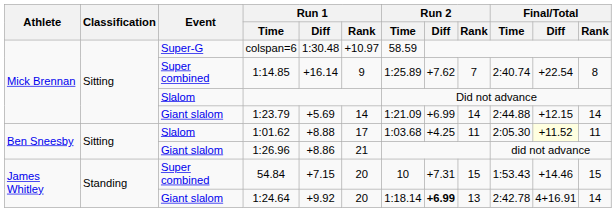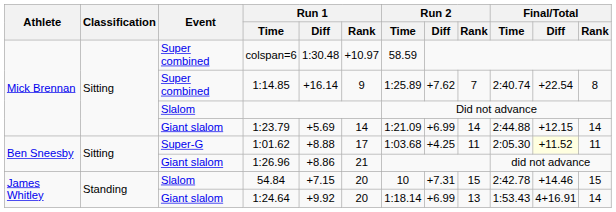 <table class="wikitable" style="font-size:100%">
 <tr>
 <th rowspan="2">Athlete</th>
 <th rowspan="2">Classification</th>
 <th rowspan="2">Event</th>
 <th colspan="3">Run 1</th>
 <th colspan="3">Run 2</th>
 <th colspan="3">Final/Total</th>
 </tr>
 <tr>
 <th>Time</th>
 <th>Diff</th>
 <th>Rank</th>
 <th>Time</th>
 <th>Diff</th>
 <th>Rank</th>
 <th>Time</th>
 <th>Diff</th>
 <th>Rank</th>
 </tr>
 <tr>
 <td rowspan=4><a href='#'>Mick Brennan</a></td>
 <td rowspan=4>Sitting</td>
-<td><a href='#'>Super-G</a></td>
+<td><a href='#'>Super combined</a></td>
 <td>colspan=6 </td>
 <td align="center">1:30.48</td>
 <td align="center">+10.97</td>
 <td align="center">58.59</td>
 </tr>
 <tr>
 <td><a href='#'>Super combined</a></td>
 <td align="center">1:14.85</td>
 <td align="center">+16.14</td>
 <td align="center">9</td>
 <td align="center">1:25.89</td>
 <td align="center">+7.62</td>
 <td align="center">7</td>
 <td align="center">2:40.74</td>
 <td align="center">+22.54</td>
 <td align="center">8</td>
 </tr>
 <tr>
 <td><a href='#'>Slalom</a></td>
 <td align="center" colspan=3></td>
 <td align="center" colspan=6>Did not advance</td>
 </tr>
 <tr>
 <td><a href='#'>Giant slalom</a></td>
 <td align="center">1:23.79</td>
 <td align="center">+5.69</td>
 <td align="center">14</td>
 <td align="center">1:21.09</td>
 <td align="center">+6.99</td>
 <td align="center">14</td>
 <td align="center">2:44.88</td>
 <td align="center">+12.15</td>
 <td align="center">14</td>
 </tr>
 <tr>
 <td rowspan=2><a href='#'>Ben Sneesby</a></td>
 <td rowspan=2>Sitting</td>
-<td><a href='#'>Slalom</a></td>
+<td><a href='#'>Super-G</a></td>
 <td align="center">1:01.62</td>
 <td align="center">+8.88</td>
 <td align="center">17</td>
 <td align="center">1:03.68</td>
 <td align="center">+4.25</td>
 <td align="center">11</td>
 <td align="center">2:05.30</td>
 <td align="center" style="background: lightyellow;">+11.52</td>
 <td align="center">11</td>
 </tr>
 <tr>
 <td><a href='#'>Giant slalom</a></td>
 <td align="center">1:26.96</td>
 <td align="center">+8.86</td>
 <td align="center">21</td>
 <td align="center" colspan=3></td>
 <td align="center" colspan=3>did not advance</td>
 </tr>
 <tr>
 <td rowspan=2><a href='#'>James Whitley</a></td>
 <td rowspan=2>Standing</td>
-<td><a href='#'>Super combined</a></td>
+<td><a href='#'>Slalom</a></td>
 <td align="center">54.84</td>
 <td align="center">+7.15</td>
 <td align="center">20</td>
 <td align="center">10</td>
 <td align="center">+7.31</td>
 <td align="center">15</td>
-<td align="center">1:53.43</td>
+<td align="center">2:42.78</td>
 <td align="center">+14.46</td>
 <td align="center">15</td>
 </tr>
 <tr>
 <td><a href='#'>Giant slalom</a></td>
 <td align="center">1:24.64</td>
 <td align="center">+9.92</td>
 <td align="center">20</td>
 <td align="center">1:18.14</td>
-<td align="center"><strong>+6.99</strong></td>
+<td align="center">+6.99</td>
 <td align="center">13</td>
-<td align="center">2:42.78</td>
+<td align="center">1:53.43</td>
 <td align="center">4+16.91</td>
 <td align="center">14</td>
 </tr>
 </table>
